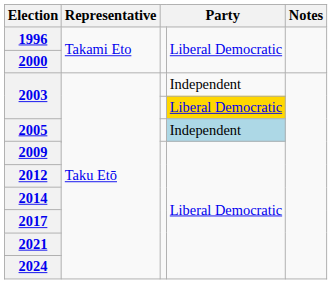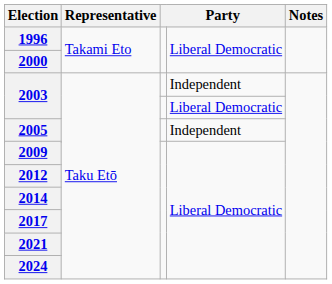 <table class=wikitable>
 <tr valign=bottom>
 <th>Election</th>
 <th>Representative</th>
 <th colspan="2">Party</th>
 <th>Notes</th>
 </tr>
 <tr>
 <th><a href='#'>1996</a>  </th>
 <td rowspan="2"><a href='#'>Takami Eto</a></td>
 <td rowspan="2" bgcolor=></td>
 <td rowspan="2"><a href='#'>Liberal Democratic</a></td>
 <td rowspan="2"></td>
 </tr>
 <tr>
 <th><a href='#'>2000</a></th>
 </tr>
 <tr>
 <th rowspan="2"><a href='#'>2003</a></th>
 <td rowspan="10"><a href='#'>Taku Etō</a></td>
 <td bgcolor=></td>
 <td>Independent</td>
 <td rowspan="10"></td>
 </tr>
 <tr>
 <td bgcolor=></td>
-<td style="background: gold;"><a href='#'>Liberal Democratic</a></td>
+<td><a href='#'>Liberal Democratic</a></td>
 </tr>
 <tr>
 <th rowspan="2"><a href='#'>2005</a></th>
 <td bgcolor=></td>
-<td style="background: lightblue;">Independent</td>
+<td>Independent</td>
 </tr>
 <tr>
 <td rowspan="7" bgcolor=></td>
 <td rowspan="7"><a href='#'>Liberal Democratic</a></td>
 </tr>
 <tr>
 <th><a href='#'>2009</a></th>
 </tr>
 <tr>
 <th><a href='#'>2012</a></th>
 </tr>
 <tr>
 <th><a href='#'>2014</a></th>
 </tr>
 <tr>
 <th><a href='#'>2017</a></th>
 </tr>
 <tr>
 <th><a href='#'>2021</a></th>
 </tr>
 <tr>
 <th><a href='#'>2024</a></th>
 </tr>
 </table>
